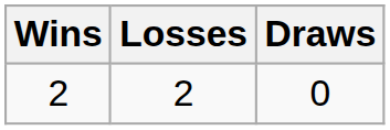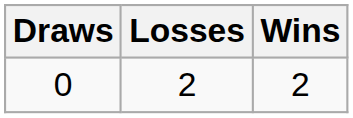 <table class="wikitable">
 <tr>
+<th>Draws</th>
+<th>Losses</th>
 <th>Wins</th>
-<th>Losses</th>
-<th>Draws</th>
 </tr>
 <tr>
+<td align=center>0</td>
 <td align=center>2</td>
 <td align=center>2</td>
-<td align=center>0</td>
 </tr>
 </table>
